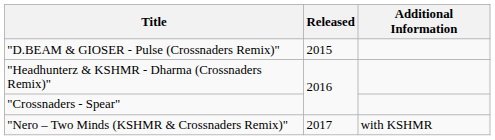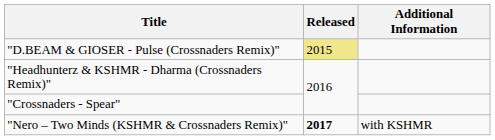 <table class="wikitable plainrowheaders">
 <tr>
 <th>Title</th>
 <th>Released</th>
 <th>Additional Information</th>
 </tr>
 <tr>
 <td>"D.BEAM & GIOSER - Pulse (Crossnaders Remix)"</td>
-<td>2015</td>
+<td style="background: khaki;">2015</td>
 <td></td>
 </tr>
 <tr>
 <td>"Headhunterz & KSHMR - Dharma (Crossnaders Remix)"</td>
 <td rowspan="2">2016</td>
 <td></td>
 </tr>
 <tr>
 <td>"Crossnaders - Spear"</td>
 <td></td>
 </tr>
 <tr>
 <td>"Nero – Two Minds (KSHMR & Crossnaders Remix)"</td>
-<td>2017</td>
+<td><strong>2017</strong></td>
 <td>with KSHMR</td>
 </tr>
 </table>
